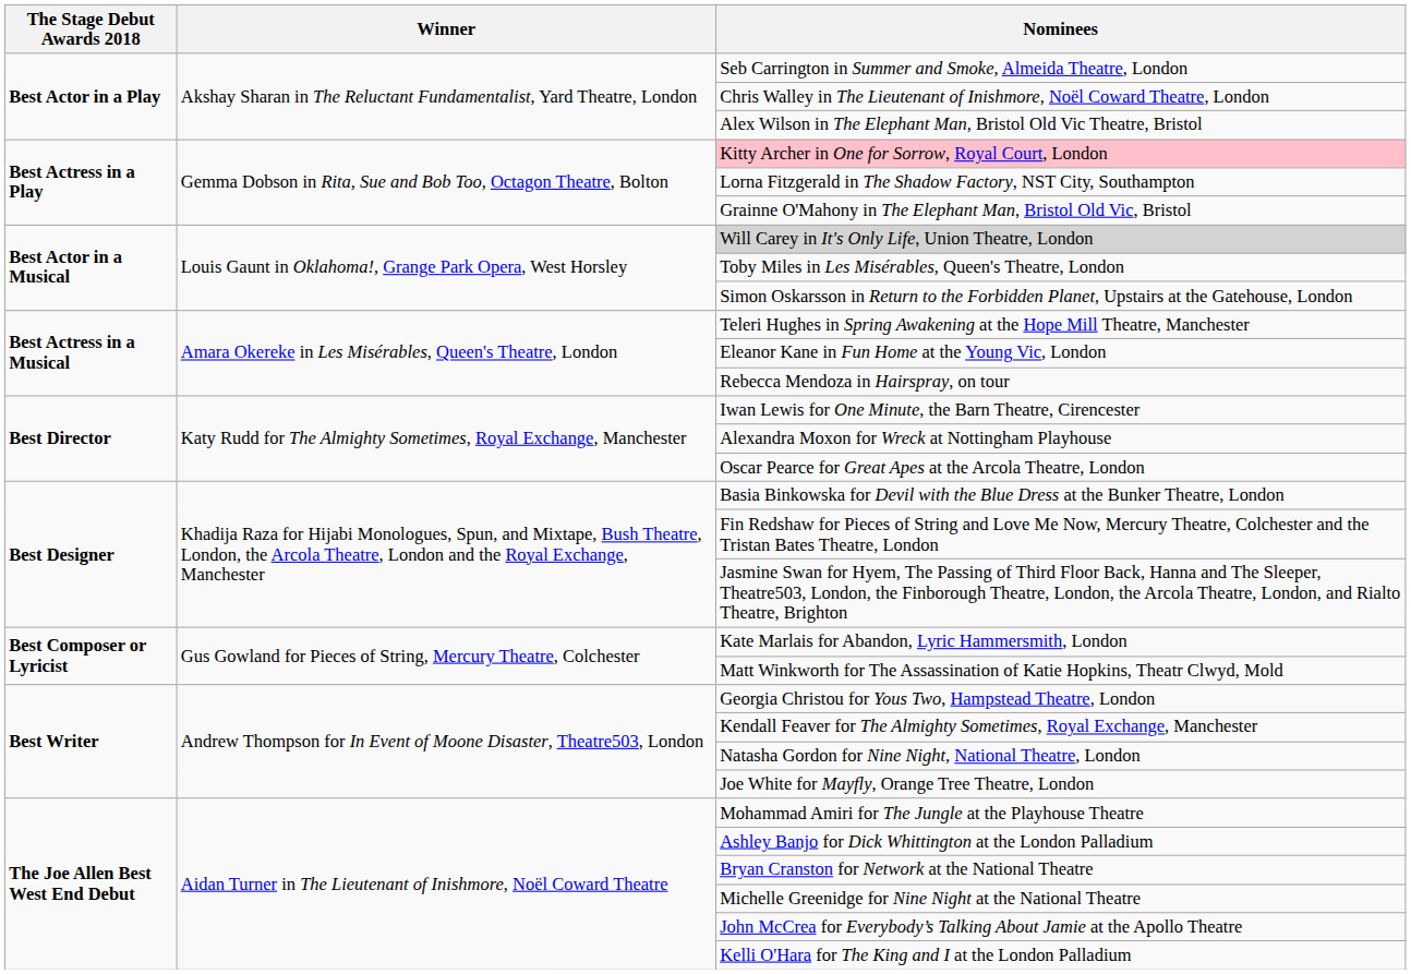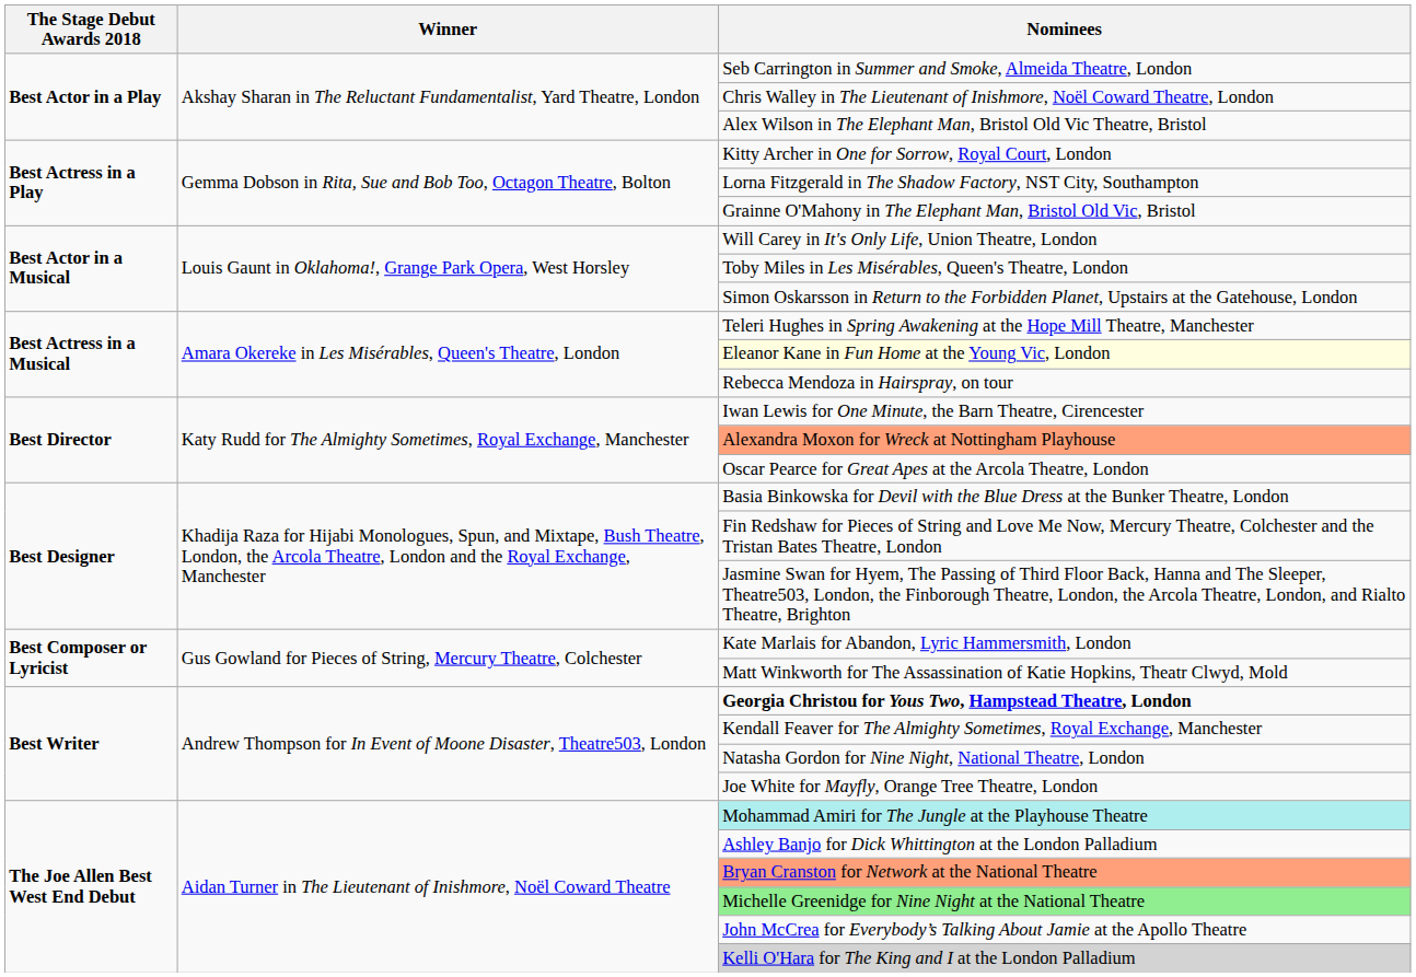 <table class="wikitable">
 <tr>
 <th>The Stage Debut Awards 2018</th>
 <th>Winner</th>
 <th>Nominees</th>
 </tr>
 <tr>
 <td rowspan="3"><strong>Best Actor in a Play</strong></td>
 <td rowspan="3">Akshay Sharan in <em>The Reluctant Fundamentalist</em>, Yard Theatre, London</td>
 <td>Seb Carrington in <em>Summer and Smoke</em>, <a href='#'>Almeida Theatre</a>, London</td>
 </tr>
 <tr>
 <td>Chris Walley in <em>The Lieutenant of Inishmore</em>, <a href='#'>Noël Coward Theatre</a>, London</td>
 </tr>
 <tr>
 <td>Alex Wilson in <em>The Elephant Man</em>, Bristol Old Vic Theatre, Bristol</td>
 </tr>
 <tr>
 <td rowspan="3"><strong>Best Actress in a Play</strong></td>
 <td rowspan="3">Gemma Dobson in <em>Rita, Sue and Bob Too</em>, <a href='#'>Octagon Theatre</a>, Bolton</td>
-<td style="background: pink;">Kitty Archer in <em>One for Sorrow</em>, <a href='#'>Royal Court</a>, London</td>
+<td>Kitty Archer in <em>One for Sorrow</em>, <a href='#'>Royal Court</a>, London</td>
 </tr>
 <tr>
 <td>Lorna Fitzgerald in <em>The Shadow Factory</em>, NST City, Southampton</td>
 </tr>
 <tr>
 <td>Grainne O'Mahony in <em>The Elephant Man</em>, <a href='#'>Bristol Old Vic</a>, Bristol</td>
 </tr>
 <tr>
 <td rowspan="3"><strong>Best Actor in a Musical</strong></td>
 <td rowspan="3">Louis Gaunt in <em>Oklahoma!</em>, <a href='#'>Grange Park Opera</a>, West Horsley</td>
-<td style="background: lightgrey;">Will Carey in <em>It's Only Life</em>, Union Theatre, London</td>
+<td>Will Carey in <em>It's Only Life</em>, Union Theatre, London</td>
 </tr>
 <tr>
 <td>Toby Miles in <em>Les Misérables</em>, Queen's Theatre, London</td>
 </tr>
 <tr>
 <td>Simon Oskarsson in <em>Return to the Forbidden Planet</em>, Upstairs at the Gatehouse, London</td>
 </tr>
 <tr>
 <td rowspan="3"><strong>Best Actress in a Musical</strong></td>
 <td rowspan="3"><a href='#'>Amara Okereke</a> in <em>Les Misérables</em>, <a href='#'>Queen's Theatre</a>, London</td>
 <td>Teleri Hughes in <em>Spring Awakening</em> at the <a href='#'>Hope Mill</a> Theatre, Manchester</td>
 </tr>
 <tr>
-<td>Eleanor Kane in <em>Fun Home</em> at the <a href='#'>Young Vic</a>, London</td>
+<td style="background: lightyellow;">Eleanor Kane in <em>Fun Home</em> at the <a href='#'>Young Vic</a>, London</td>
 </tr>
 <tr>
 <td>Rebecca Mendoza in <em>Hairspray</em>, on tour</td>
 </tr>
 <tr>
 <td rowspan="3"><strong>Best Director</strong></td>
 <td rowspan="3">Katy Rudd for <em>The Almighty Sometimes</em>, <a href='#'>Royal Exchange</a>, Manchester</td>
 <td>Iwan Lewis for <em>One Minute</em>, the Barn Theatre, Cirencester</td>
 </tr>
 <tr>
-<td>Alexandra Moxon for <em>Wreck</em> at Nottingham Playhouse</td>
+<td style="background: lightsalmon;">Alexandra Moxon for <em>Wreck</em> at Nottingham Playhouse</td>
 </tr>
 <tr>
 <td>Oscar Pearce for <em>Great Apes</em> at the Arcola Theatre, London</td>
 </tr>
 <tr>
 <td rowspan="3"><strong>Best Designer</strong></td>
 <td rowspan="3">Khadija Raza for Hijabi Monologues, Spun, and Mixtape, <a href='#'>Bush Theatre</a>, London, the <a href='#'>Arcola Theatre</a>, London and the <a href='#'>Royal Exchange</a>, Manchester</td>
 <td>Basia Binkowska for <em>Devil with the Blue Dress</em> at the Bunker Theatre, London</td>
 </tr>
 <tr>
 <td>Fin Redshaw for Pieces of String and Love Me Now, Mercury Theatre, Colchester and the Tristan Bates Theatre, London</td>
 </tr>
 <tr>
 <td>Jasmine Swan for Hyem, The Passing of Third Floor Back, Hanna and The Sleeper, Theatre503, London, the Finborough Theatre, London, the Arcola Theatre, London, and Rialto Theatre, Brighton</td>
 </tr>
 <tr>
 <td rowspan="2"><strong>Best Composer or Lyricist</strong></td>
 <td rowspan="2">Gus Gowland for Pieces of String, <a href='#'>Mercury Theatre</a>, Colchester</td>
 <td>Kate Marlais for Abandon, <a href='#'>Lyric Hammersmith</a>, London</td>
 </tr>
 <tr>
 <td>Matt Winkworth for The Assassination of Katie Hopkins, Theatr Clwyd, Mold</td>
 </tr>
 <tr>
 <td rowspan="4"><strong>Best Writer</strong></td>
 <td rowspan="4">Andrew Thompson for <em>In Event of Moone Disaster</em>, <a href='#'>Theatre503</a>, London</td>
-<td>Georgia Christou for <em>Yous Two</em>, <a href='#'>Hampstead Theatre</a>, London</td>
+<td><strong>Georgia Christou for <em>Yous Two</em>, <a href='#'>Hampstead Theatre</a>, London</strong></td>
 </tr>
 <tr>
 <td>Kendall Feaver for <em>The Almighty Sometimes</em>, <a href='#'>Royal Exchange</a>, Manchester</td>
 </tr>
 <tr>
 <td>Natasha Gordon for <em>Nine Night</em>, <a href='#'>National Theatre</a>, London</td>
 </tr>
 <tr>
 <td>Joe White for <em>Mayfly</em>, Orange Tree Theatre, London</td>
 </tr>
 <tr>
 <td rowspan="7"><strong>The Joe Allen Best West End Debut</strong></td>
 <td rowspan="7"><a href='#'>Aidan Turner</a> in <em>The Lieutenant of Inishmore</em>, <a href='#'>Noël Coward Theatre</a></td>
-<td>Mohammad Amiri for <em>The Jungle</em> at the Playhouse Theatre</td>
+<td style="background: paleturquoise;">Mohammad Amiri for <em>The Jungle</em> at the Playhouse Theatre</td>
 </tr>
 <tr>
 <td><a href='#'>Ashley Banjo</a> for <em>Dick Whittington</em> at the London Palladium</td>
 </tr>
 <tr>
-<td><a href='#'>Bryan Cranston</a> for <em>Network</em> at the National Theatre</td>
+<td style="background: lightsalmon;"><a href='#'>Bryan Cranston</a> for <em>Network</em> at the National Theatre</td>
 </tr>
 <tr>
-<td>Michelle Greenidge for <em>Nine Night</em> at the National Theatre</td>
+<td style="background: lightgreen;">Michelle Greenidge for <em>Nine Night</em> at the National Theatre</td>
 </tr>
 <tr>
 <td><a href='#'>John McCrea</a> for <em>Everybody’s Talking About Jamie</em> at the Apollo Theatre</td>
 </tr>
 <tr>
-<td><a href='#'>Kelli O'Hara</a> for <em>The King and I</em> at the London Palladium</td>
+<td style="background: lightgrey;"><a href='#'>Kelli O'Hara</a> for <em>The King and I</em> at the London Palladium</td>
 </tr>
 </table>
